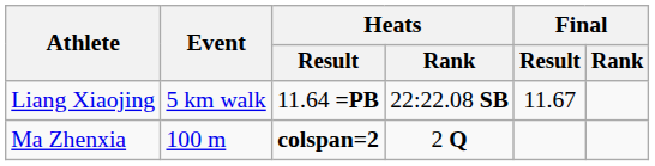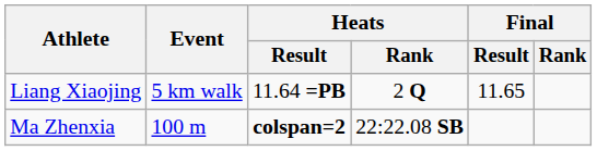 <table class="wikitable" style="font-size:90%">
 <tr>
 <th rowspan=2>Athlete</th>
 <th rowspan=2>Event</th>
 <th colspan=2>Heats</th>
 <th colspan=2>Final</th>
 </tr>
 <tr style="font-size:95%">
 <th>Result</th>
 <th>Rank</th>
 <th>Result</th>
 <th>Rank</th>
 </tr>
 <tr align=center>
 <td align=left><a href='#'>Liang Xiaojing</a></td>
 <td align=left><a href='#'>5 km walk</a></td>
 <td>11.64 <strong>=PB</strong></td>
-<td>22:22.08 <strong>SB</strong></td>
-<td>11.67</td>
+<td>2 <strong>Q</strong></td>
+<td>11.65</td>
 <td></td>
 </tr>
 <tr align=center>
 <td align=left><a href='#'>Ma Zhenxia</a></td>
 <td align=left><a href='#'>100 m</a></td>
 <td><strong>colspan=2 </strong></td>
-<td>2 <strong>Q</strong></td>
+<td>22:22.08 <strong>SB</strong></td>
 <td></td>
 </tr>
 </table>
